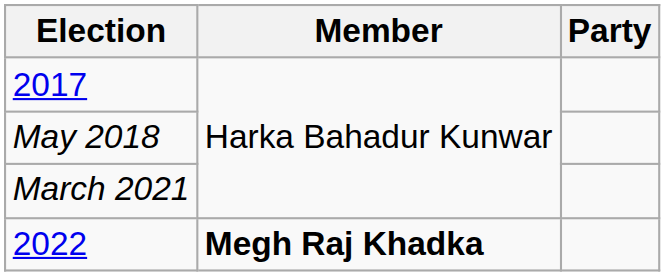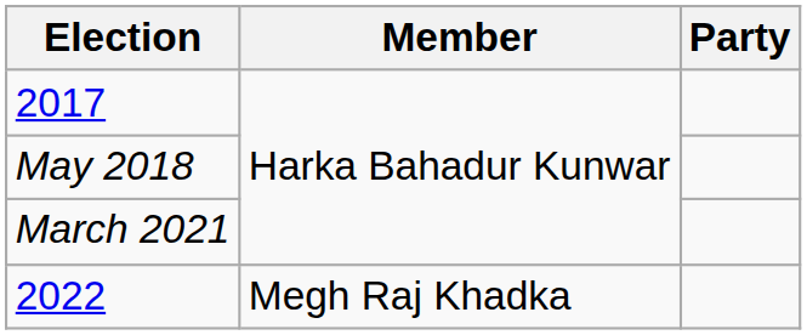 <table class="wikitable">
 <tr>
 <th>Election</th>
 <th>Member</th>
 <th colspan="2">Party</th>
 </tr>
 <tr>
 <td><a href='#'>2017</a></td>
 <td rowspan="3">Harka Bahadur Kunwar</td>
 <td></td>
 </tr>
 <tr>
 <td><em>May 2018</em></td>
 <td></td>
 </tr>
 <tr>
 <td><em>March 2021</em></td>
 <td></td>
 </tr>
 <tr>
 <td><a href='#'>2022</a></td>
-<td><strong>Megh Raj Khadka</strong></td>
+<td>Megh Raj Khadka</td>
 <td></td>
 </tr>
 </table>
